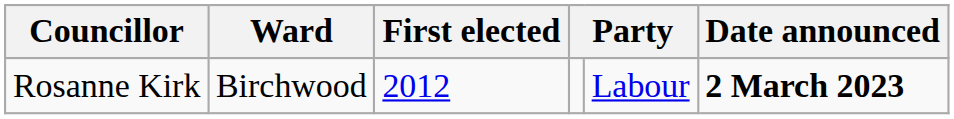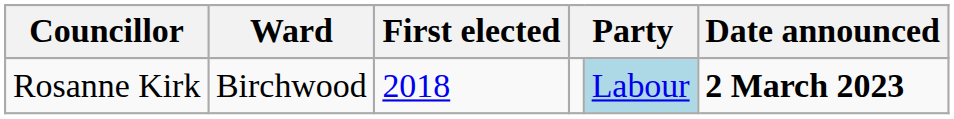 <table class="wikitable sortable">
 <tr>
 <th scope="col">Councillor</th>
 <th scope="col">Ward</th>
 <th scope="col">First elected</th>
 <th colspan="2" scope="col">Party</th>
 <th scope="col">Date announced</th>
 </tr>
 <tr>
 <td>Rosanne Kirk</td>
 <td>Birchwood</td>
-<td><a href='#'>2012</a></td>
+<td><a href='#'>2018</a></td>
 <td style="color:inherit;background:"></td>
-<td><a href='#'>Labour</a></td>
+<td style="background: lightblue;"><a href='#'>Labour</a></td>
 <td><strong>2 March 2023</strong></td>
 </tr>
 </table>
